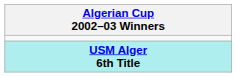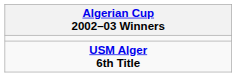 <table class="wikitable" style="text-align: center; margin: 0 auto; width: 20%">
 <tr>
 <th><a href='#'>Algerian Cup</a><br>2002–03 Winners</th>
 </tr>
 <tr>
 <td></td>
 </tr>
 <tr>
-<td style="background: paleturquoise;"><strong><a href='#'>USM Alger</a></strong><br><strong>6th Title</strong></td>
+<td><strong><a href='#'>USM Alger</a></strong><br><strong>6th Title</strong></td>
 </tr>
 </table>
